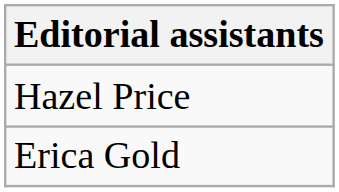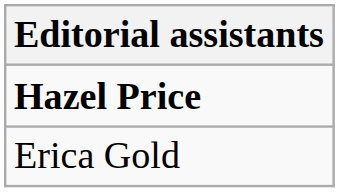 <table class="wikitable">
 <tr>
 <th>Editorial assistants</th>
 </tr>
 <tr>
-<td>Hazel Price</td>
+<td><strong>Hazel Price</strong></td>
 </tr>
 <tr>
 <td>Erica Gold</td>
 </tr>
 </table>
